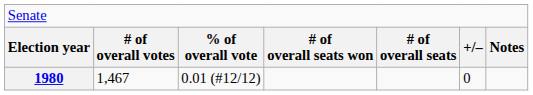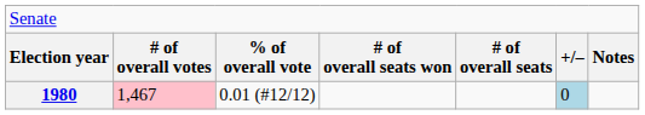 <table class=wikitable>
 <tr>
 <td colspan=7><a href='#'>Senate</a></td>
 </tr>
 <tr>
 <th>Election year</th>
 <th># of<br>overall votes</th>
 <th>% of<br>overall vote</th>
 <th># of<br>overall seats won</th>
 <th># of<br>overall seats</th>
 <th>+/–</th>
 <th>Notes</th>
 </tr>
 <tr>
 <th><a href='#'>1980</a></th>
-<td>1,467</td>
+<td style="background: pink;">1,467</td>
 <td>0.01 (#12/12)</td>
 <td></td>
 <td></td>
-<td> 0</td>
+<td style="background: lightblue;"> 0</td>
 <td></td>
 </tr>
 </table>
